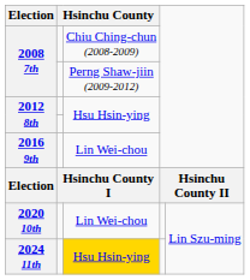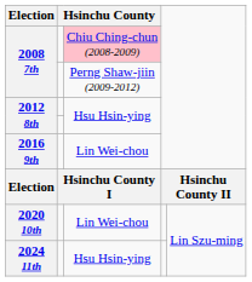 <table class="wikitable" align="center" style="text-align:center">
 <tr>
 <th>Election</th>
 <th colspan="2" width="80px">Hsinchu County</th>
 </tr>
 <tr>
 <th rowspan=2><a href='#'>2008</a><br><small><em><a href='#'>7th</a></em></small><br></th>
 <td style="color:inherit;background:"></td>
-<td><a href='#'>Chiu Ching-chun</a><br><small><em>(2008-2009)</em></small><br></td>
+<td style="background: pink;"><a href='#'>Chiu Ching-chun</a><br><small><em>(2008-2009)</em></small><br></td>
 </tr>
 <tr>
 <td style="color:inherit;background:"></td>
 <td><a href='#'>Perng Shaw-jiin</a><br><small><em>(2009-2012)</em></small><br></td>
 </tr>
 <tr>
 <th rowspan=2><a href='#'>2012</a><br><small><em><a href='#'>8th</a></em></small><br></th>
 <td style="color:inherit;background:"></td>
 <td rowspan=2><a href='#'>Hsu Hsin-ying</a></td>
 </tr>
 <tr>
 <td style="color:inherit;background:"></td>
 </tr>
 <tr>
 <th><a href='#'>2016</a><br><small><em><a href='#'>9th</a></em></small><br></th>
 <td style="color:inherit;background:"></td>
 <td><a href='#'>Lin Wei-chou</a></td>
 </tr>
 <tr>
 <th>Election</th>
 <th colspan="2" width="80px">Hsinchu County I</th>
 <th colspan="2" width="80px">Hsinchu County II</th>
 </tr>
 <tr>
 <th><a href='#'>2020</a><br><small><em><a href='#'>10th</a></em></small><br></th>
 <td style="color:inherit;background:"></td>
 <td><a href='#'>Lin Wei-chou</a></td>
 <td style="color:inherit;background:"></td>
 <td rowspan=2><a href='#'>Lin Szu-ming</a></td>
 </tr>
 <tr>
 <th><a href='#'>2024</a><br><small><em><a href='#'>11th</a></em></small><br></th>
 <td style="color:inherit;background:"></td>
-<td style="background: gold;"><a href='#'>Hsu Hsin-ying</a></td>
+<td><a href='#'>Hsu Hsin-ying</a></td>
 </tr>
 </table>
